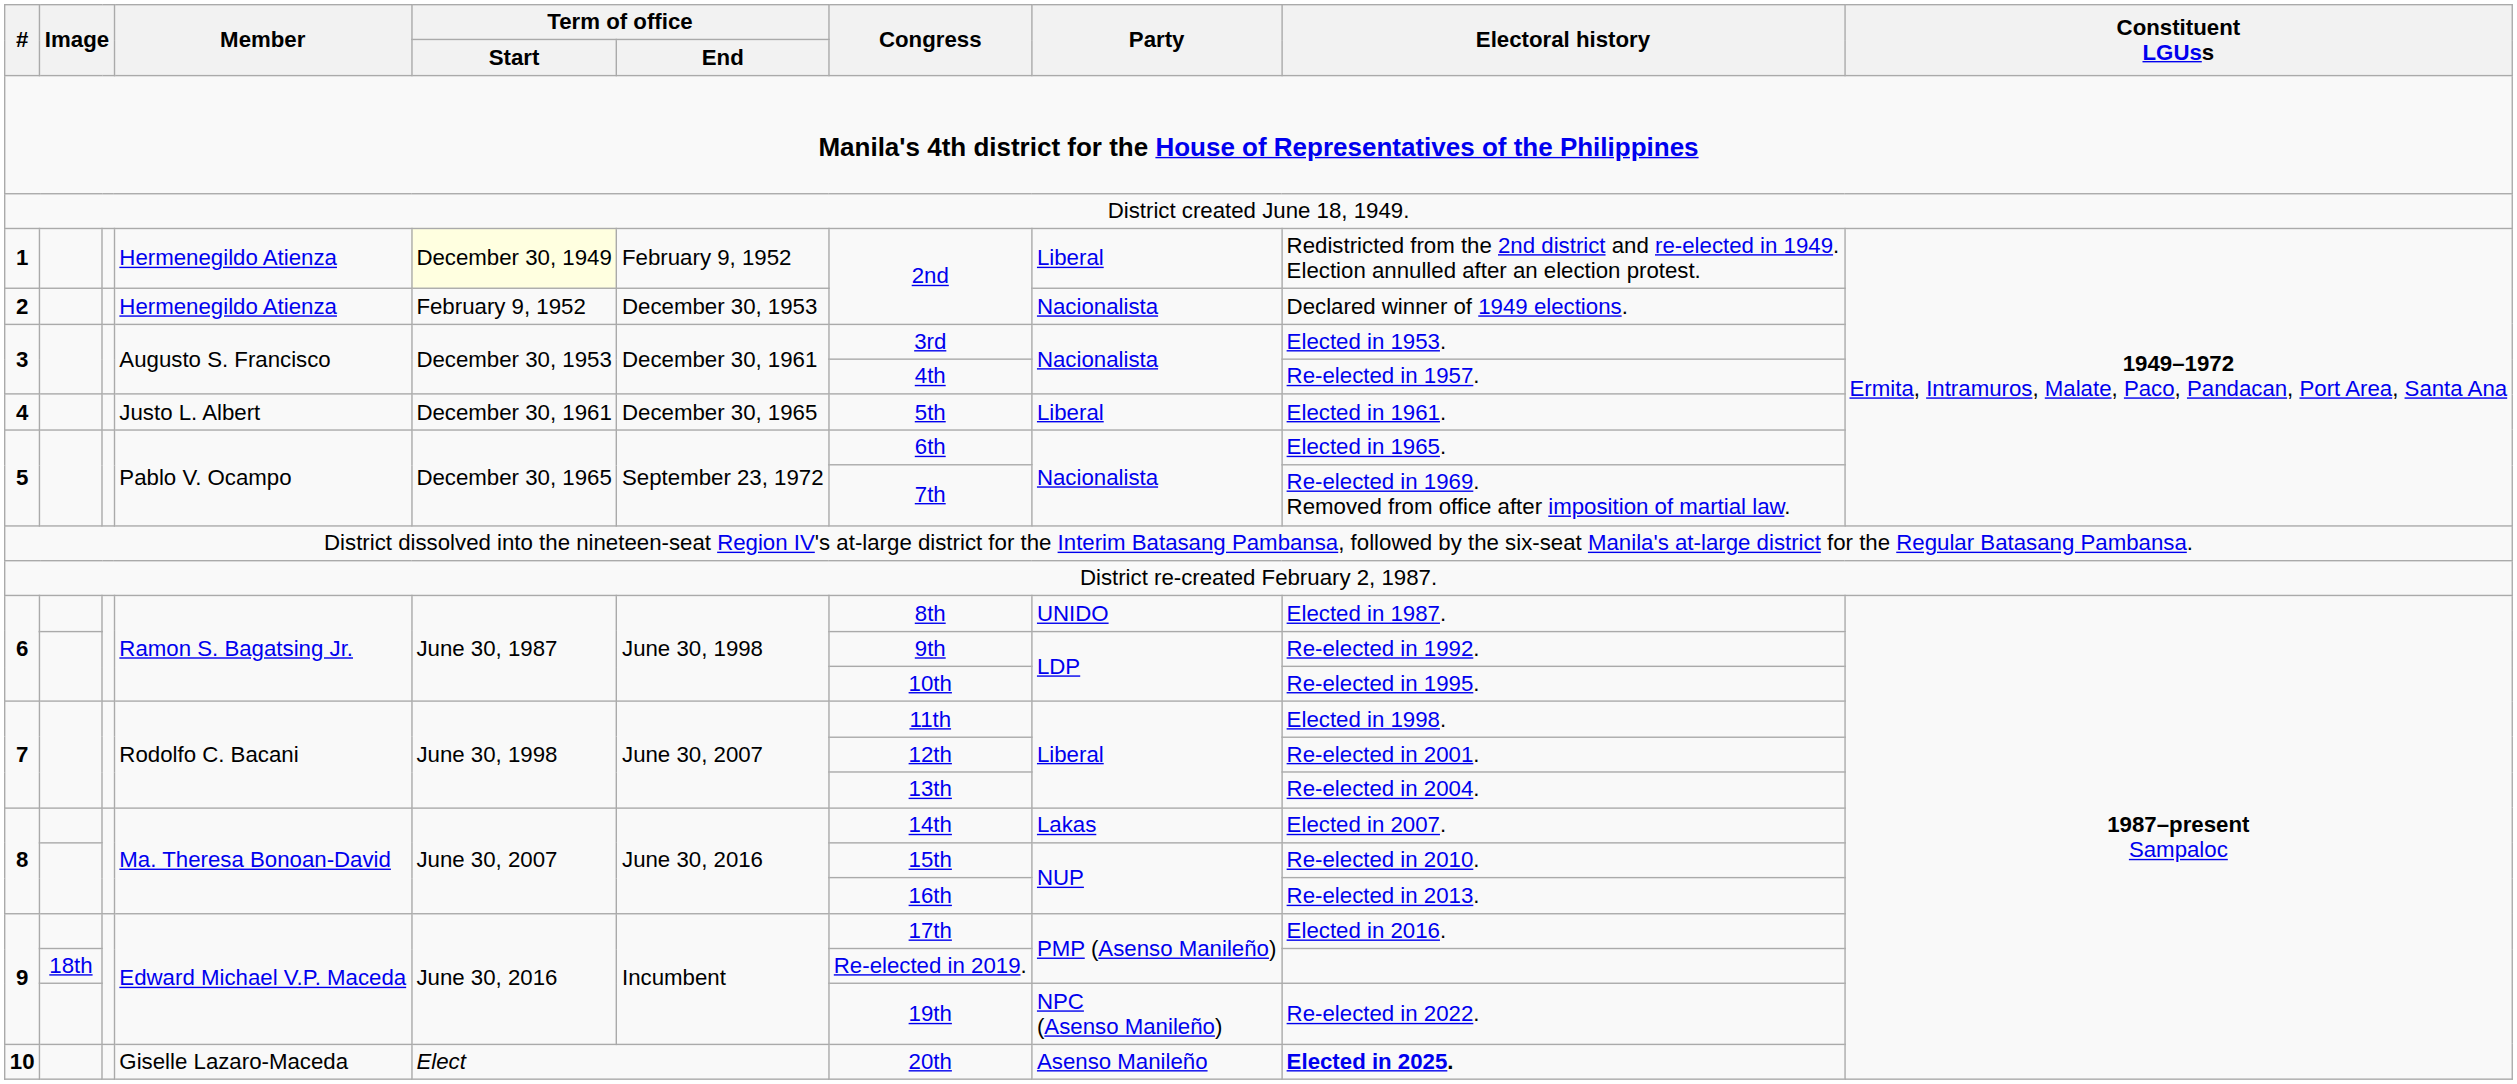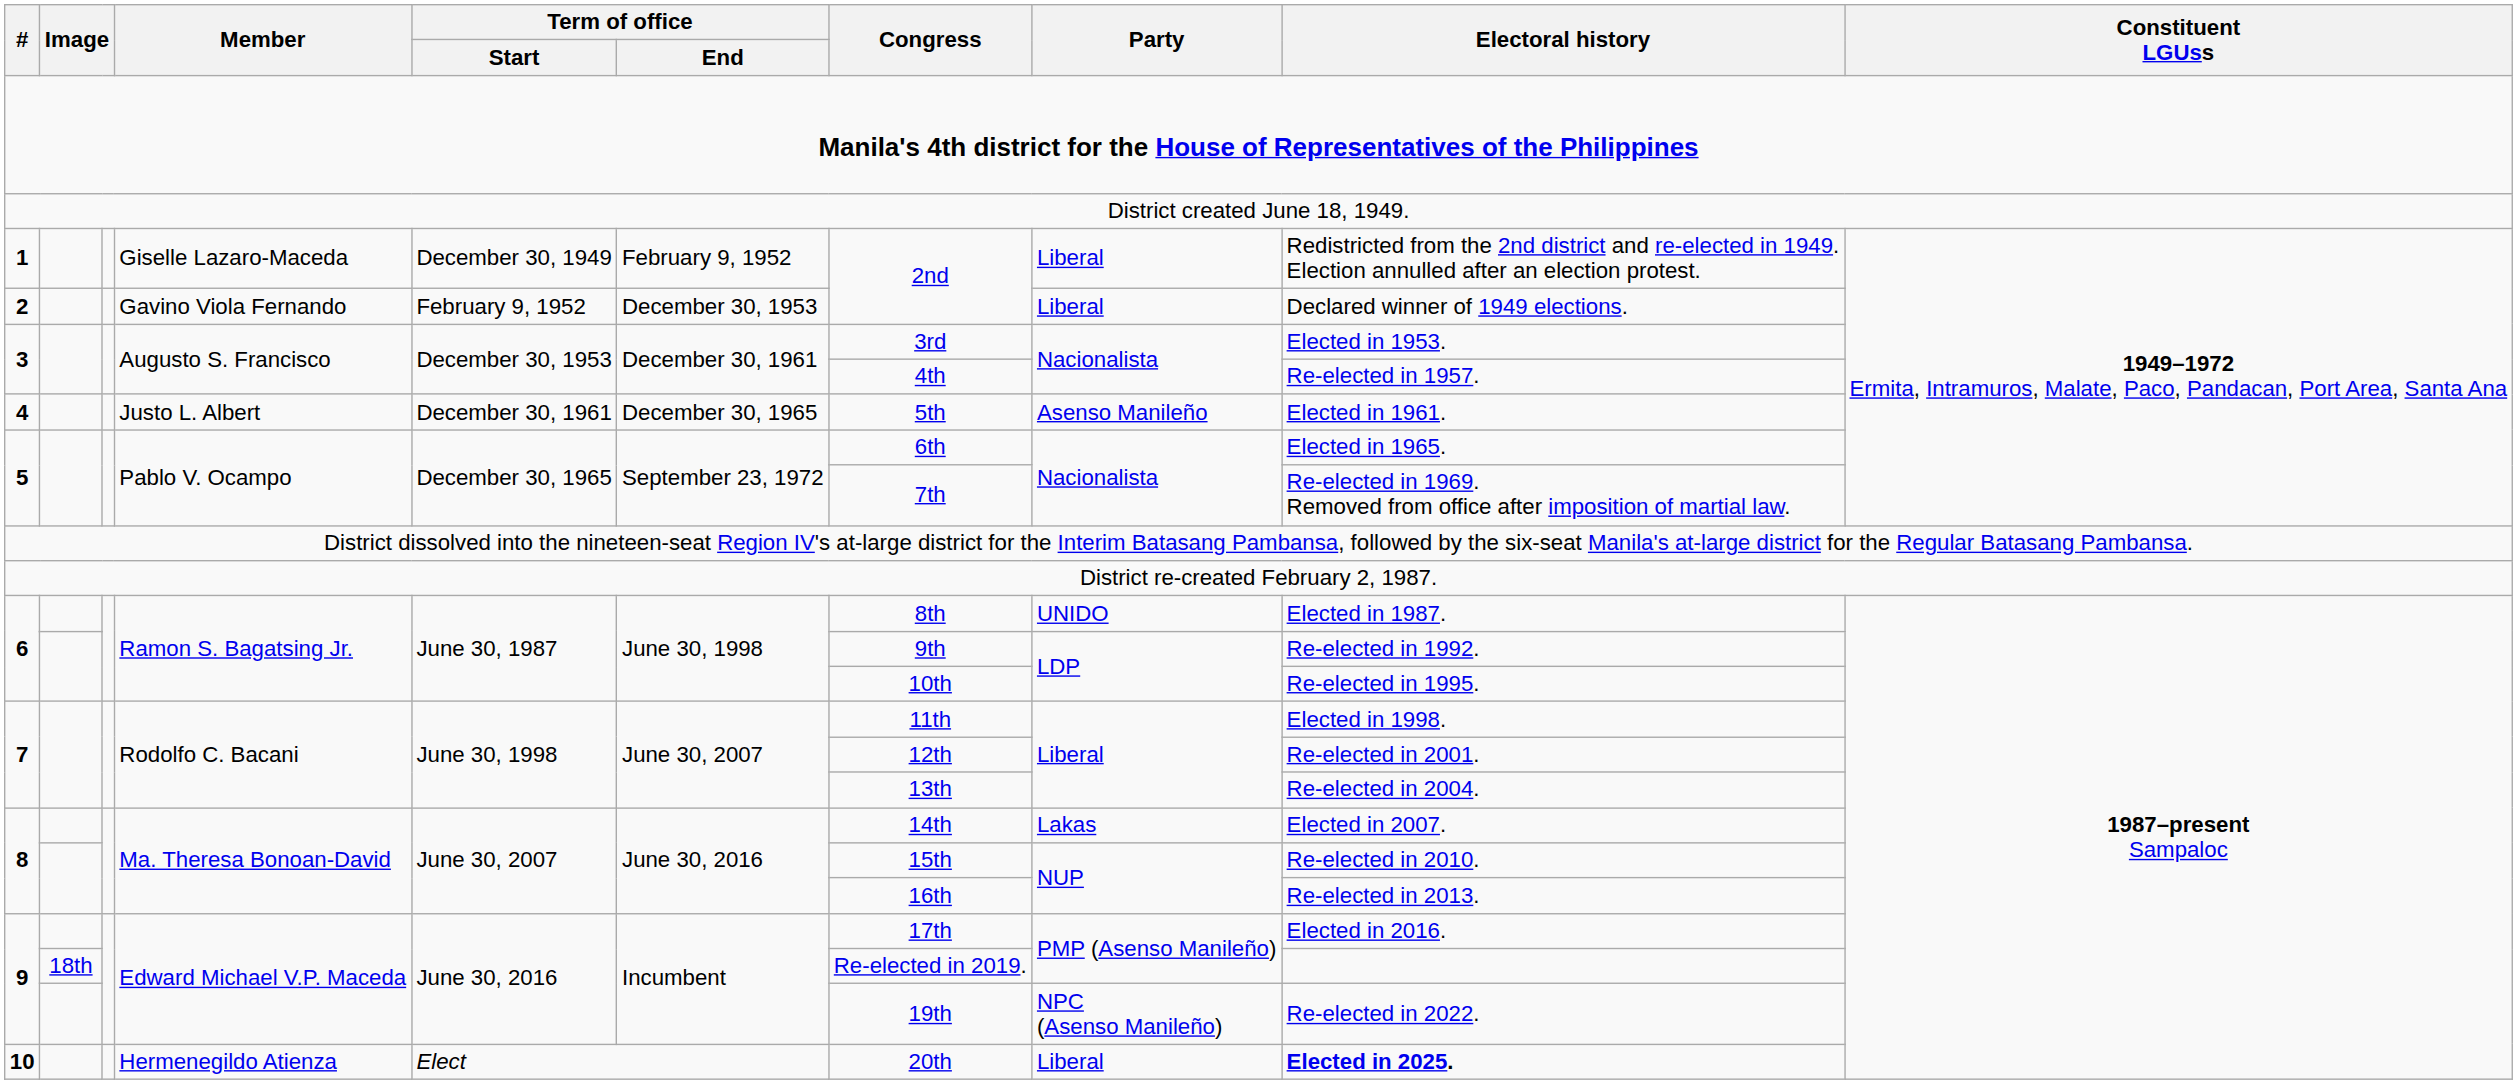 <table class=wikitable>
 <tr>
 <th rowspan="2">#</th>
 <th rowspan="2" colspan=2>Image</th>
 <th rowspan="2">Member</th>
 <th colspan=2>Term of office</th>
 <th rowspan="2">Congress</th>
 <th rowspan="2">Party</th>
 <th rowspan="2">Electoral history</th>
 <th rowspan="2">Constituent<br><a href='#'>LGUs</a>s</th>
 </tr>
 <tr>
 <th>Start</th>
 <th>End</th>
 </tr>
 <tr>
 <td colspan="10" style="text-align:center;"><br><h3>Manila's 4th district for the <a href='#'>House of Representatives of the Philippines</a></h3></td>
 </tr>
 <tr>
 <td colspan="10" style="text-align:center;">District created June 18, 1949.</td>
 </tr>
 <tr>
 <td style="text-align:center;"><strong>1</strong></td>
 <td style="color:inherit;background:"></td>
 <td></td>
-<td><a href='#'>Hermenegildo Atienza</a></td>
-<td style="background: lightyellow;">December 30, 1949</td>
+<td>Giselle Lazaro-Maceda</td>
+<td>December 30, 1949</td>
 <td>February 9, 1952</td>
 <td style="text-align:center;" rowspan="2"><a href='#'>2nd</a></td>
 <td><a href='#'>Liberal</a></td>
 <td>Redistricted from the <a href='#'>2nd district</a> and <a href='#'>re-elected in 1949</a>.<br>Election annulled after an election protest.</td>
 <td rowspan="7" style="text-align:center;"><strong>1949–1972</strong><br><a href='#'>Ermita</a>, <a href='#'>Intramuros</a>, <a href='#'>Malate</a>, <a href='#'>Paco</a>, <a href='#'>Pandacan</a>, <a href='#'>Port Area</a>, <a href='#'>Santa Ana</a></td>
 </tr>
 <tr>
 <td style="text-align:center;"><strong>2</strong></td>
 <td style="color:inherit;background:"></td>
 <td></td>
-<td><a href='#'>Hermenegildo Atienza</a></td>
+<td>Gavino Viola Fernando</td>
 <td>February 9, 1952</td>
 <td>December 30, 1953</td>
-<td><a href='#'>Nacionalista</a></td>
+<td><a href='#'>Liberal</a></td>
 <td>Declared winner of <a href='#'>1949 elections</a>.</td>
 </tr>
 <tr>
 <td rowspan="2" style="text-align:center;"><strong>3</strong></td>
 <td rowspan="2" style="color:inherit;background:"></td>
 <td rowspan="2"></td>
 <td rowspan="2">Augusto S. Francisco</td>
 <td rowspan="2">December 30, 1953</td>
 <td rowspan="2">December 30, 1961</td>
 <td style="text-align:center;"><a href='#'>3rd</a></td>
 <td rowspan="2"><a href='#'>Nacionalista</a></td>
 <td><a href='#'>Elected in 1953</a>.</td>
 </tr>
 <tr>
 <td style="text-align:center;"><a href='#'>4th</a></td>
 <td><a href='#'>Re-elected in 1957</a>.</td>
 </tr>
 <tr>
 <td style="text-align:center;"><strong>4</strong></td>
 <td style="color:inherit;background:"></td>
 <td></td>
 <td>Justo L. Albert</td>
 <td>December 30, 1961</td>
 <td>December 30, 1965</td>
 <td style="text-align:center;"><a href='#'>5th</a></td>
-<td><a href='#'>Liberal</a></td>
+<td><a href='#'>Asenso Manileño</a></td>
 <td><a href='#'>Elected in 1961</a>.</td>
 </tr>
 <tr>
 <td rowspan="2" style="text-align:center;"><strong>5</strong></td>
 <td rowspan="2" style="color:inherit;background:"></td>
 <td rowspan="2"></td>
 <td rowspan="2">Pablo V. Ocampo</td>
 <td rowspan="2">December 30, 1965</td>
 <td rowspan="2">September 23, 1972</td>
 <td style="text-align:center;"><a href='#'>6th</a></td>
 <td rowspan="2"><a href='#'>Nacionalista</a></td>
 <td><a href='#'>Elected in 1965</a>.</td>
 </tr>
 <tr>
 <td style="text-align:center;"><a href='#'>7th</a></td>
 <td><a href='#'>Re-elected in 1969</a>.<br>Removed from office after <a href='#'>imposition of martial law</a>.</td>
 </tr>
 <tr>
 <td colspan="10" style="text-align:center;">District dissolved into the nineteen-seat <a href='#'>Region IV</a>'s at-large district for the <a href='#'>Interim Batasang Pambansa</a>, followed by the six-seat <a href='#'>Manila's at-large district</a> for the <a href='#'>Regular Batasang Pambansa</a>.</td>
 </tr>
 <tr>
 <td colspan="10" style="text-align:center;">District re-created February 2, 1987.</td>
 </tr>
 <tr>
 <td rowspan="4" style="text-align: center;"><strong>6</strong></td>
 <td style="color:inherit;background:"></td>
 <td rowspan="4"></td>
 <td rowspan="4"><a href='#'>Ramon S. Bagatsing Jr.</a></td>
 <td rowspan="4">June 30, 1987</td>
 <td rowspan="4">June 30, 1998</td>
 <td rowspan="2" style="text-align: center;"><a href='#'>8th</a></td>
 <td><a href='#'>UNIDO</a></td>
 <td rowspan="2"><a href='#'>Elected in 1987</a>.</td>
 <td rowspan="14" style="text-align: center;"><strong>1987–present</strong><br><a href='#'>Sampaloc</a></td>
 </tr>
 <tr>
 <td rowspan="3" style="color:inherit;background:"></td>
 <td rowspan="3"><a href='#'>LDP</a></td>
 </tr>
 <tr>
 <td style="text-align:center;"><a href='#'>9th</a></td>
 <td><a href='#'>Re-elected in 1992</a>.</td>
 </tr>
 <tr>
 <td style="text-align:center;"><a href='#'>10th</a></td>
 <td><a href='#'>Re-elected in 1995</a>.</td>
 </tr>
 <tr>
 <td rowspan="3" style="text-align:center;"><strong>7</strong></td>
 <td rowspan="3" style="color:inherit;background:"></td>
 <td rowspan="3"></td>
 <td rowspan="3">Rodolfo C. Bacani</td>
 <td rowspan="3">June 30, 1998</td>
 <td rowspan="3">June 30, 2007</td>
 <td style="text-align:center;"><a href='#'>11th</a></td>
 <td rowspan="3"><a href='#'>Liberal</a></td>
 <td><a href='#'>Elected in 1998</a>.</td>
 </tr>
 <tr>
 <td style="text-align:center;"><a href='#'>12th</a></td>
 <td><a href='#'>Re-elected in 2001</a>.</td>
 </tr>
 <tr>
 <td style="text-align:center;"><a href='#'>13th</a></td>
 <td><a href='#'>Re-elected in 2004</a>.</td>
 </tr>
 <tr>
 <td rowspan="3" style="text-align:center;"><strong>8</strong></td>
 <td style="color:inherit;background:"></td>
 <td rowspan="3"></td>
 <td rowspan="3"><a href='#'>Ma. Theresa Bonoan-David</a></td>
 <td rowspan="3">June 30, 2007</td>
 <td rowspan="3">June 30, 2016</td>
 <td style="text-align:center;"><a href='#'>14th</a></td>
 <td><a href='#'>Lakas</a></td>
 <td><a href='#'>Elected in 2007</a>.</td>
 </tr>
 <tr>
 <td rowspan="2" style="color:inherit;background:"></td>
 <td style="text-align:center;"><a href='#'>15th</a></td>
 <td rowspan="2"><a href='#'>NUP</a></td>
 <td><a href='#'>Re-elected in 2010</a>.</td>
 </tr>
 <tr>
 <td style="text-align:center;"><a href='#'>16th</a></td>
 <td><a href='#'>Re-elected in 2013</a>.</td>
 </tr>
 <tr>
 <td rowspan="3" style="text-align:center;"><strong>9</strong></td>
 <td style="background:"></td>
 <td rowspan="3"></td>
 <td rowspan="3"><a href='#'>Edward Michael V.P. Maceda</a></td>
 <td rowspan="3">June 30, 2016</td>
 <td rowspan="3">Incumbent</td>
 <td style="text-align:center;"><a href='#'>17th</a></td>
 <td rowspan="2"><a href='#'>PMP</a> (<a href='#'>Asenso Manileño</a>)</td>
 <td><a href='#'>Elected in 2016</a>.</td>
 </tr>
 <tr>
 <td style="text-align:center;"><a href='#'>18th</a></td>
 <td><a href='#'>Re-elected in 2019</a>.</td>
 </tr>
 <tr>
 <td style="color:inherit;background:"></td>
 <td style="text-align:center;"><a href='#'>19th</a></td>
 <td><a href='#'>NPC</a><br>(<a href='#'>Asenso Manileño</a>)</td>
 <td><a href='#'>Re-elected in 2022</a>.</td>
 </tr>
 <tr>
 <td style="text-align:center;"><strong>10</strong></td>
 <td style="background:"></td>
 <td></td>
-<td>Giselle Lazaro-Maceda</td>
+<td><a href='#'>Hermenegildo Atienza</a></td>
 <td colspan="2"><em>Elect</em></td>
 <td style="text-align:center;"><a href='#'>20th</a></td>
-<td><a href='#'>Asenso Manileño</a></td>
+<td><a href='#'>Liberal</a></td>
 <td><strong><a href='#'>Elected in 2025</a>.</strong></td>
 </tr>
 </table>
